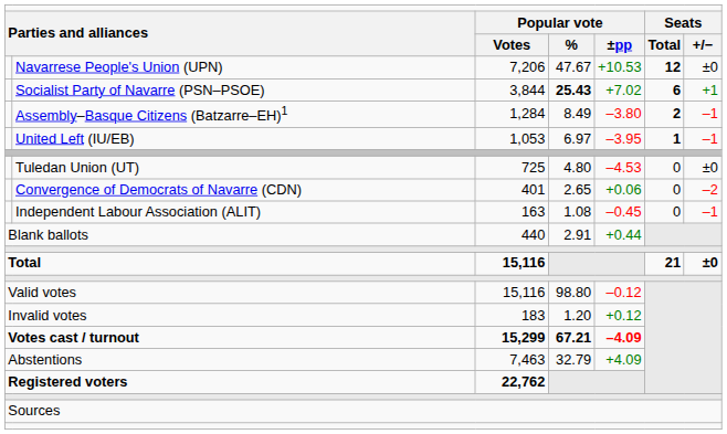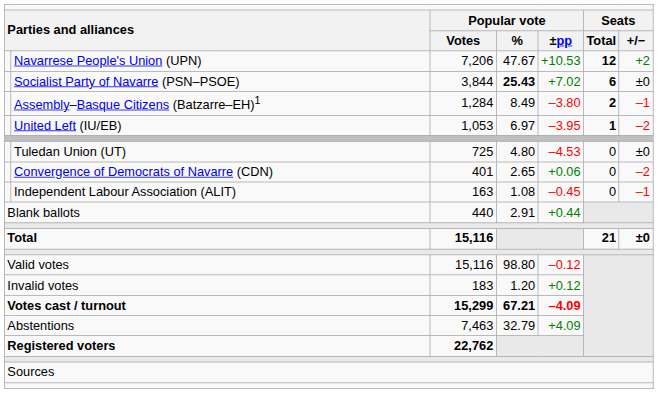 <table class="wikitable" style="text-align:right;">
 <tr>
 <td colspan="7"></td>
 </tr>
 <tr>
 <th style="text-align:left;" rowspan="2" colspan="2" width="525">Parties and alliances</th>
 <th colspan="3">Popular vote</th>
 <th colspan="2">Seats</th>
 </tr>
 <tr>
 <th width="75">Votes</th>
 <th width="45">%</th>
 <th width="45">±<a href='#'>pp</a></th>
 <th width="35">Total</th>
 <th width="35">+/−</th>
 </tr>
 <tr>
 <td width="1" style="color:inherit;background:"></td>
 <td align="left"><a href='#'>Navarrese People's Union</a> (UPN)</td>
 <td>7,206</td>
 <td>47.67</td>
 <td style="color:green;">+10.53</td>
 <td><strong>12</strong></td>
-<td>±0</td>
+<td style="color:green;">+2</td>
 </tr>
 <tr>
 <td style="color:inherit;background:"></td>
 <td align="left"><a href='#'>Socialist Party of Navarre</a> (PSN–PSOE)</td>
 <td>3,844</td>
 <td><strong>25.43</strong></td>
 <td style="color:green;">+7.02</td>
 <td><strong>6</strong></td>
-<td style="color:green;">+1</td>
+<td>±0</td>
 </tr>
 <tr>
 <td style="color:inherit;background:"></td>
 <td align="left"><a href='#'>Assembly</a>–<a href='#'>Basque Citizens</a> (Batzarre–EH)<sup>1</sup></td>
 <td>1,284</td>
 <td>8.49</td>
 <td style="color:red;">–3.80</td>
 <td><strong>2</strong></td>
 <td style="color:red;">–1</td>
 </tr>
 <tr>
 <td style="color:inherit;background:"></td>
 <td align="left"><a href='#'>United Left</a> (IU/EB)</td>
 <td>1,053</td>
 <td>6.97</td>
 <td style="color:red;">–3.95</td>
 <td><strong>1</strong></td>
-<td style="color:red;">–1</td>
+<td style="color:red;">–2</td>
 </tr>
 <tr>
 <td colspan="7" bgcolor="#C0C0C0"></td>
 </tr>
 <tr>
 <td style="color:inherit;background:"></td>
 <td align="left">Tuledan Union (UT)</td>
 <td>725</td>
 <td>4.80</td>
 <td style="color:red;">–4.53</td>
 <td>0</td>
 <td>±0</td>
 </tr>
 <tr>
 <td style="color:inherit;background:"></td>
 <td align="left"><a href='#'>Convergence of Democrats of Navarre</a> (CDN)</td>
 <td>401</td>
 <td>2.65</td>
 <td style="color:green;">+0.06</td>
 <td>0</td>
 <td style="color:red;">–2</td>
 </tr>
 <tr>
 <td style="color:inherit;background:"></td>
 <td align="left">Independent Labour Association (ALIT)</td>
 <td>163</td>
 <td>1.08</td>
 <td style="color:red;">–0.45</td>
 <td>0</td>
 <td style="color:red;">–1</td>
 </tr>
 <tr>
 <td align="left" colspan="2">Blank ballots</td>
 <td>440</td>
 <td>2.91</td>
 <td style="color:green;">+0.44</td>
 <td bgcolor="#E9E9E9" colspan="2"></td>
 </tr>
 <tr>
 <td colspan="7" bgcolor="#E9E9E9"></td>
 </tr>
 <tr style="font-weight:bold;">
 <td align="left" colspan="2">Total</td>
 <td>15,116</td>
 <td bgcolor="#E9E9E9" colspan="2"></td>
 <td>21</td>
 <td>±0</td>
 </tr>
 <tr>
 <td colspan="7" bgcolor="#E9E9E9"></td>
 </tr>
 <tr>
 <td align="left" colspan="2">Valid votes</td>
 <td>15,116</td>
 <td>98.80</td>
 <td style="color:red;">–0.12</td>
 <td bgcolor="#E9E9E9" colspan="2" rowspan="5"></td>
 </tr>
 <tr>
 <td align="left" colspan="2">Invalid votes</td>
 <td>183</td>
 <td>1.20</td>
 <td style="color:green;">+0.12</td>
 </tr>
 <tr style="font-weight:bold;">
 <td align="left" colspan="2">Votes cast / turnout</td>
 <td>15,299</td>
 <td>67.21</td>
 <td style="color:red;">–4.09</td>
 </tr>
 <tr>
 <td align="left" colspan="2">Abstentions</td>
 <td>7,463</td>
 <td>32.79</td>
 <td style="color:green;">+4.09</td>
 </tr>
 <tr style="font-weight:bold;">
 <td align="left" colspan="2">Registered voters</td>
 <td>22,762</td>
 <td bgcolor="#E9E9E9" colspan="2"></td>
 </tr>
 <tr>
 <td colspan="7" bgcolor="#E9E9E9"></td>
 </tr>
 <tr>
 <td align="left" colspan="7">Sources</td>
 </tr>
 <tr>
 <td colspan="7" style="text-align:left; max-width:790px;"></td>
 </tr>
 </table>
